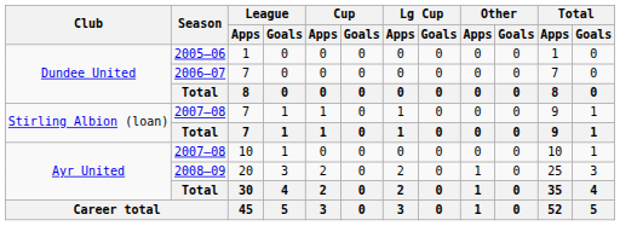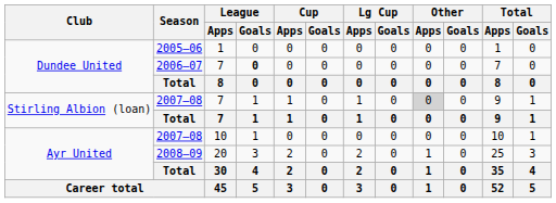 <table class="wikitable" style="font-size:95%; text-align:center">
 <tr>
 <th rowspan="2">Club</th>
 <th rowspan="2">Season</th>
 <th colspan="2">League</th>
 <th colspan="2">Cup</th>
 <th colspan="2">Lg Cup</th>
 <th colspan="2">Other</th>
 <th colspan="2">Total</th>
 </tr>
 <tr>
 <th>Apps</th>
 <th>Goals</th>
 <th>Apps</th>
 <th>Goals</th>
 <th>Apps</th>
 <th>Goals</th>
 <th>Apps</th>
 <th>Goals</th>
 <th>Apps</th>
 <th>Goals</th>
 </tr>
 <tr>
 <td rowspan="3"><a href='#'>Dundee United</a></td>
 <td><a href='#'>2005–06</a></td>
 <td>1</td>
 <td>0</td>
 <td>0</td>
 <td>0</td>
 <td>0</td>
 <td>0</td>
 <td>0</td>
 <td>0</td>
 <td>1</td>
 <td>0</td>
 </tr>
 <tr>
 <td><a href='#'>2006–07</a></td>
 <td>7</td>
-<td>0</td>
+<td><strong>0</strong></td>
 <td>0</td>
 <td>0</td>
 <td>0</td>
 <td>0</td>
 <td>0</td>
 <td>0</td>
 <td>7</td>
 <td>0</td>
 </tr>
 <tr>
 <th>Total</th>
 <th>8</th>
 <th>0</th>
 <th>0</th>
 <th>0</th>
 <th>0</th>
 <th>0</th>
 <th>0</th>
 <th>0</th>
 <th>8</th>
 <th>0</th>
 </tr>
 <tr>
 <td rowspan="2"><a href='#'>Stirling Albion</a> (loan)</td>
 <td><a href='#'>2007–08</a></td>
 <td>7</td>
 <td>1</td>
 <td>1</td>
 <td>0</td>
 <td>1</td>
 <td>0</td>
-<td>0</td>
+<td style="background: lightgrey;">0</td>
 <td>0</td>
 <td>9</td>
 <td>1</td>
 </tr>
 <tr>
 <th>Total</th>
 <th>7</th>
 <th>1</th>
 <th>1</th>
 <th>0</th>
 <th>1</th>
 <th>0</th>
 <th>0</th>
 <th>0</th>
 <th>9</th>
 <th>1</th>
 </tr>
 <tr>
 <td rowspan="3"><a href='#'>Ayr United</a></td>
 <td><a href='#'>2007–08</a></td>
 <td>10</td>
 <td>1</td>
 <td>0</td>
 <td>0</td>
 <td>0</td>
 <td>0</td>
 <td>0</td>
 <td>0</td>
 <td>10</td>
 <td>1</td>
 </tr>
 <tr>
 <td><a href='#'>2008–09</a></td>
 <td>20</td>
 <td>3</td>
 <td>2</td>
 <td>0</td>
 <td>2</td>
 <td>0</td>
 <td>1</td>
 <td>0</td>
 <td>25</td>
 <td>3</td>
 </tr>
 <tr>
 <th>Total</th>
 <th>30</th>
 <th>4</th>
 <th>2</th>
 <th>0</th>
 <th>2</th>
 <th>0</th>
 <th>1</th>
 <th>0</th>
 <th>35</th>
 <th>4</th>
 </tr>
 <tr>
 <th colspan="2">Career total</th>
 <th>45</th>
 <th>5</th>
 <th>3</th>
 <th>0</th>
 <th>3</th>
 <th>0</th>
 <th>1</th>
 <th>0</th>
 <th>52</th>
 <th>5</th>
 </tr>
 </table>
